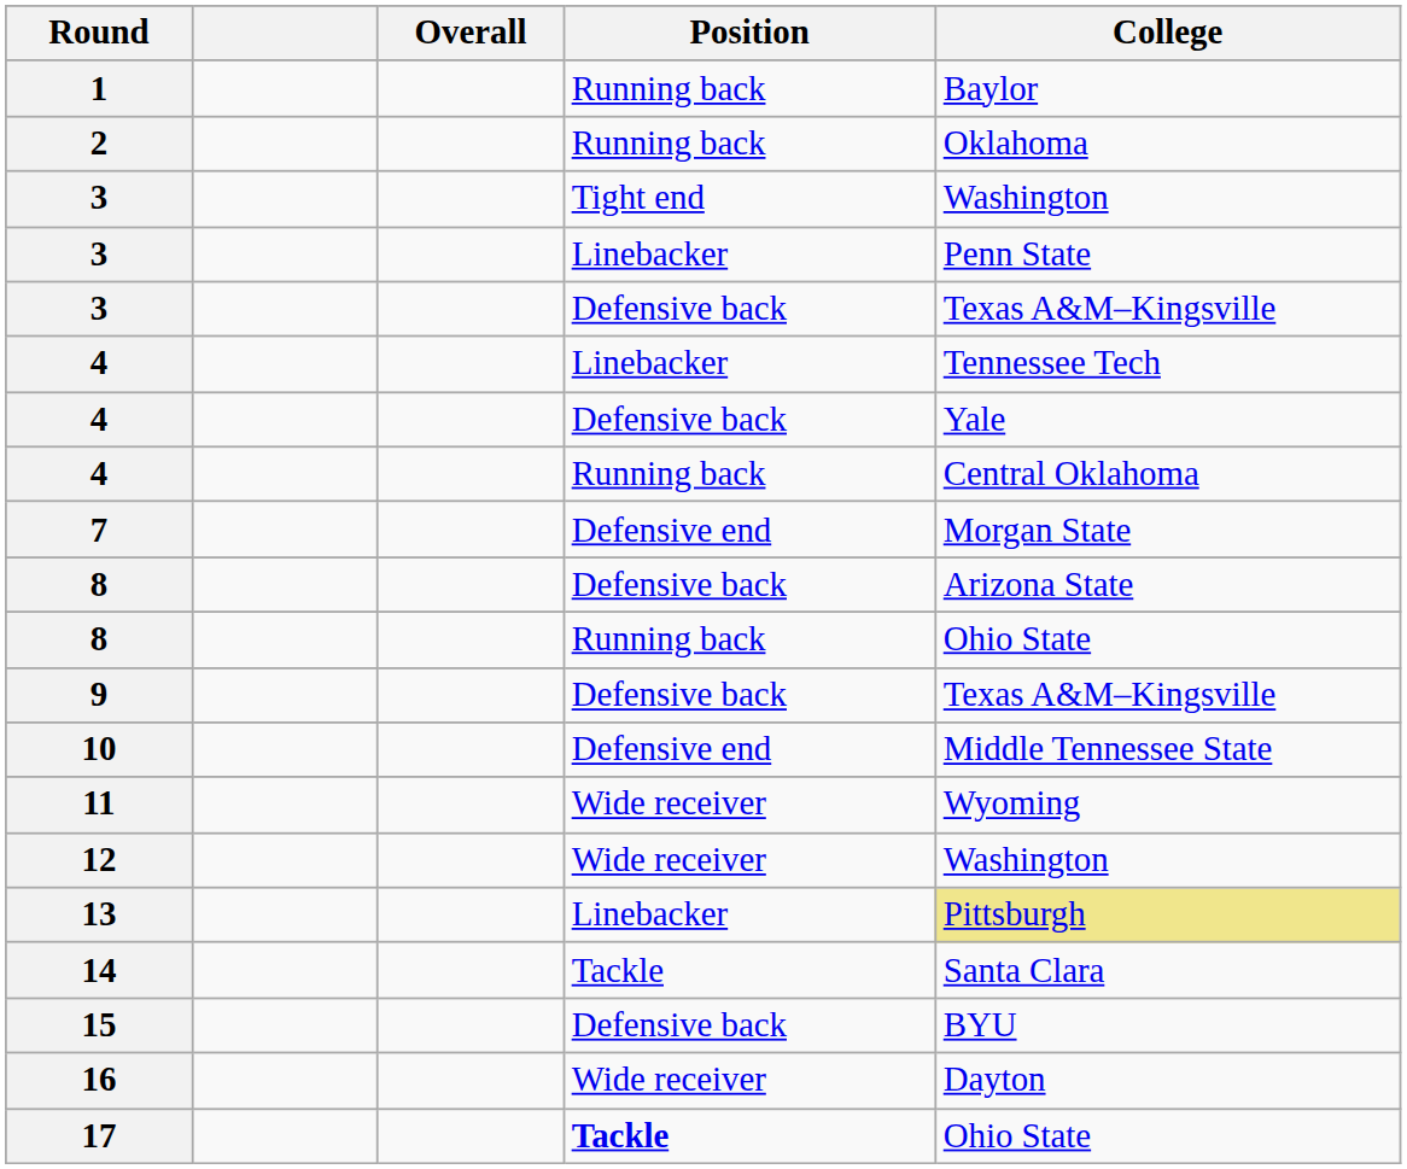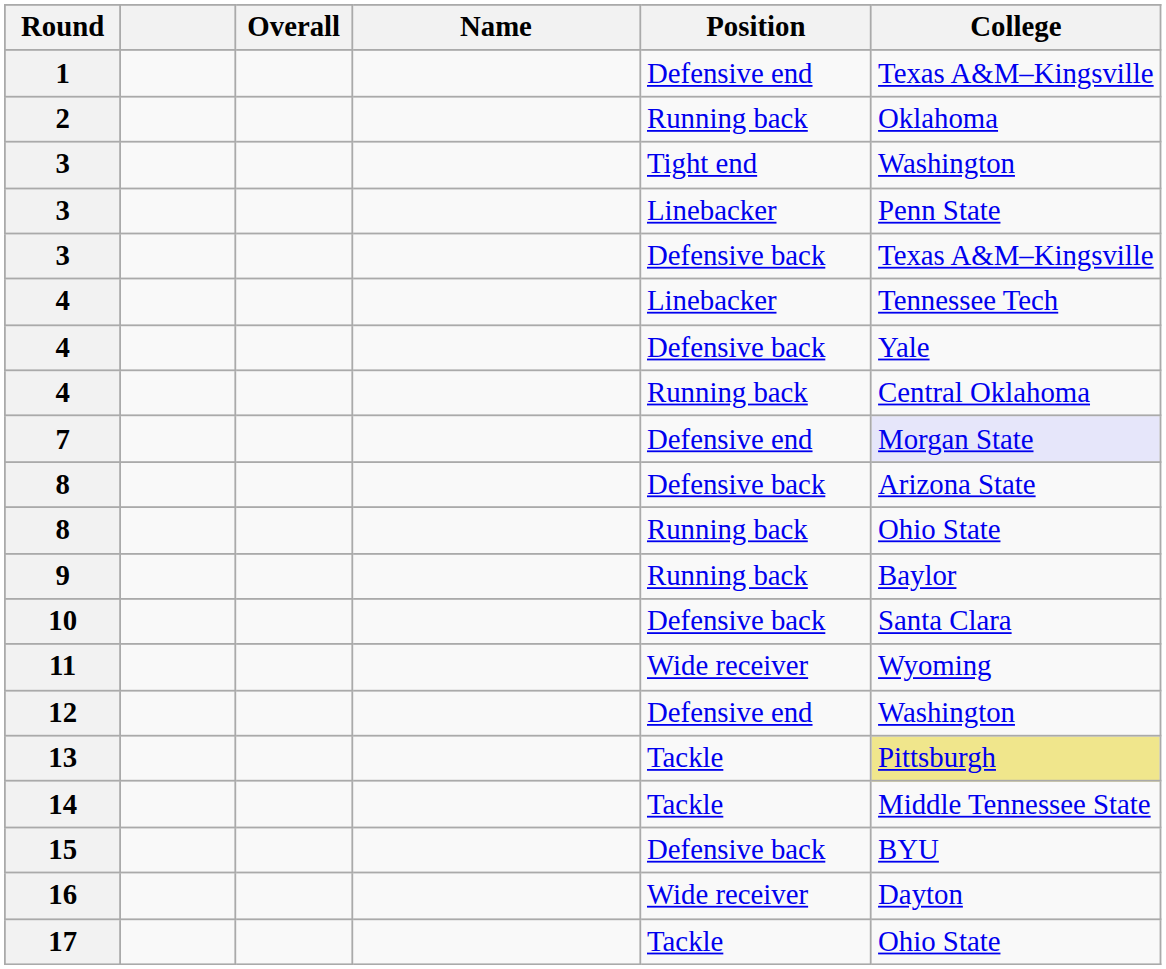 <table class="wikitable sortable">
 <tr>
 <th scope="col" style="width: 10%;">Round</th>
 <th scope="col" style="width: 10%;"></th>
 <th scope="col" style="width: 10%;">Overall</th>
+<th scope="col" style="width: 25%;">Name</th>
 <th scope="col" style="width: 20%;">Position</th>
 <th scope="col" style="width: 25%;">College</th>
 </tr>
 <tr>
 <th scope="row">1</th>
 <td></td>
 <td></td>
-<td><a href='#'>Running back</a></td>
-<td><a href='#'>Baylor</a></td>
+<td></td>
+<td><a href='#'>Defensive end</a></td>
+<td><a href='#'>Texas A&M–Kingsville</a></td>
 </tr>
 <tr>
 <th scope="row">2</th>
+<td></td>
 <td></td>
 <td></td>
 <td><a href='#'>Running back</a></td>
 <td><a href='#'>Oklahoma</a></td>
 </tr>
 <tr>
 <th scope="row">3</th>
 <td></td>
 <td></td>
+<td></td>
 <td><a href='#'>Tight end</a></td>
 <td><a href='#'>Washington</a></td>
 </tr>
 <tr>
 <th scope="row">3</th>
+<td></td>
 <td></td>
 <td></td>
 <td><a href='#'>Linebacker</a></td>
 <td><a href='#'>Penn State</a></td>
 </tr>
 <tr>
 <th scope="row">3</th>
 <td></td>
 <td></td>
+<td></td>
 <td><a href='#'>Defensive back</a></td>
 <td><a href='#'>Texas A&M–Kingsville</a></td>
 </tr>
 <tr>
 <th scope="row">4</th>
+<td></td>
 <td></td>
 <td></td>
 <td><a href='#'>Linebacker</a></td>
 <td><a href='#'>Tennessee Tech</a></td>
 </tr>
 <tr>
 <th scope="row">4</th>
 <td></td>
 <td></td>
+<td></td>
 <td><a href='#'>Defensive back</a></td>
 <td><a href='#'>Yale</a></td>
 </tr>
 <tr>
 <th scope="row">4</th>
+<td></td>
 <td></td>
 <td></td>
 <td><a href='#'>Running back</a></td>
 <td><a href='#'>Central Oklahoma</a></td>
 </tr>
 <tr>
 <th scope="row">7</th>
 <td></td>
 <td></td>
+<td></td>
 <td><a href='#'>Defensive end</a></td>
-<td><a href='#'>Morgan State</a></td>
+<td style="background: lavender;"><a href='#'>Morgan State</a></td>
 </tr>
 <tr>
 <th scope="row">8</th>
+<td></td>
 <td></td>
 <td></td>
 <td><a href='#'>Defensive back</a></td>
 <td><a href='#'>Arizona State</a></td>
 </tr>
 <tr>
 <th scope="row">8</th>
 <td></td>
 <td></td>
+<td></td>
 <td><a href='#'>Running back</a></td>
 <td><a href='#'>Ohio State</a></td>
 </tr>
 <tr>
 <th scope="row">9</th>
 <td></td>
 <td></td>
-<td><a href='#'>Defensive back</a></td>
-<td><a href='#'>Texas A&M–Kingsville</a></td>
+<td></td>
+<td><a href='#'>Running back</a></td>
+<td><a href='#'>Baylor</a></td>
 </tr>
 <tr>
 <th scope="row">10</th>
 <td></td>
 <td></td>
-<td><a href='#'>Defensive end</a></td>
-<td><a href='#'>Middle Tennessee State</a></td>
+<td></td>
+<td><a href='#'>Defensive back</a></td>
+<td><a href='#'>Santa Clara</a></td>
 </tr>
 <tr>
 <th scope="row">11</th>
+<td></td>
 <td></td>
 <td></td>
 <td><a href='#'>Wide receiver</a></td>
 <td><a href='#'>Wyoming</a></td>
 </tr>
 <tr>
 <th scope="row">12</th>
 <td></td>
 <td></td>
-<td><a href='#'>Wide receiver</a></td>
+<td></td>
+<td><a href='#'>Defensive end</a></td>
 <td><a href='#'>Washington</a></td>
 </tr>
 <tr>
 <th scope="row">13</th>
 <td></td>
 <td></td>
-<td><a href='#'>Linebacker</a></td>
+<td></td>
+<td><a href='#'>Tackle</a></td>
 <td style="background: khaki;"><a href='#'>Pittsburgh</a></td>
 </tr>
 <tr>
 <th scope="row">14</th>
 <td></td>
 <td></td>
+<td></td>
 <td><a href='#'>Tackle</a></td>
-<td><a href='#'>Santa Clara</a></td>
+<td><a href='#'>Middle Tennessee State</a></td>
 </tr>
 <tr>
 <th scope="row">15</th>
+<td></td>
 <td></td>
 <td></td>
 <td><a href='#'>Defensive back</a></td>
 <td><a href='#'>BYU</a></td>
 </tr>
 <tr>
 <th scope="row">16</th>
 <td></td>
 <td></td>
+<td></td>
 <td><a href='#'>Wide receiver</a></td>
 <td><a href='#'>Dayton</a></td>
 </tr>
 <tr>
 <th scope="row">17</th>
 <td></td>
 <td></td>
-<td><strong><a href='#'>Tackle</a></strong></td>
+<td></td>
+<td><a href='#'>Tackle</a></td>
 <td><a href='#'>Ohio State</a></td>
 </tr>
 </table>
